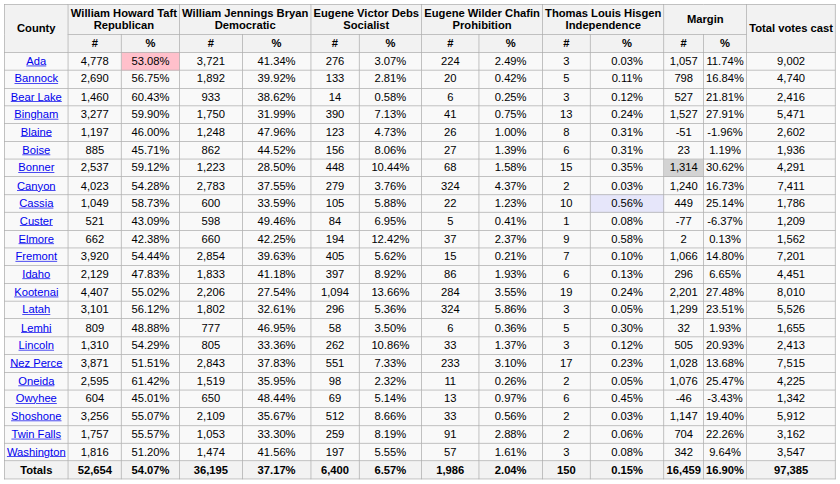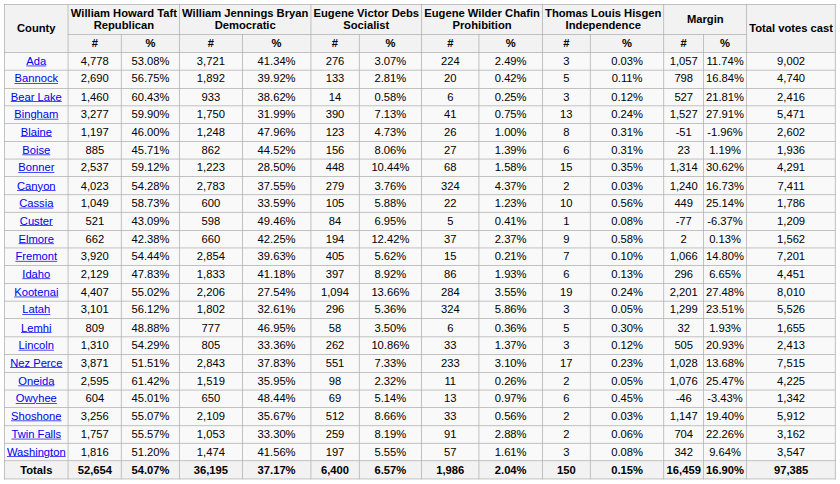 <table class="wikitable sortable" style="text-align:center">
 <tr>
 <th style="text-align:center;" rowspan="2">County</th>
 <th style="text-align:center;" colspan="2">William Howard Taft <br>Republican</th>
 <th style="text-align:center;" colspan="2">William Jennings Bryan<br>Democratic</th>
 <th style="text-align:center;" colspan="2">Eugene Victor Debs<br>Socialist</th>
 <th style="text-align:center;" colspan="2">Eugene Wilder Chafin<br>Prohibition</th>
 <th style="text-align:center;" colspan="2">Thomas Louis Hisgen<br>Independence</th>
 <th style="text-align:center;" colspan="2">Margin</th>
 <th style="text-align:center;" rowspan="2">Total votes cast</th>
 </tr>
 <tr>
 <th style="text-align:center;" data-sort-type="number">#</th>
 <th style="text-align:center;" data-sort-type="number">%</th>
 <th style="text-align:center;" data-sort-type="number">#</th>
 <th style="text-align:center;" data-sort-type="number">%</th>
 <th style="text-align:center;" data-sort-type="number">#</th>
 <th style="text-align:center;" data-sort-type="number">%</th>
 <th style="text-align:center;" data-sort-type="number">#</th>
 <th style="text-align:center;" data-sort-type="number">%</th>
 <th style="text-align:center;" data-sort-type="number">#</th>
 <th style="text-align:center;" data-sort-type="number">%</th>
 <th style="text-align:center;" data-sort-type="number">#</th>
 <th style="text-align:center;" data-sort-type="number">%</th>
 </tr>
 <tr style="text-align:center;">
 <td><a href='#'>Ada</a></td>
 <td>4,778</td>
-<td style="background: pink;">53.08%</td>
+<td>53.08%</td>
 <td>3,721</td>
 <td>41.34%</td>
 <td>276</td>
 <td>3.07%</td>
 <td>224</td>
 <td>2.49%</td>
 <td>3</td>
 <td>0.03%</td>
 <td>1,057</td>
 <td>11.74%</td>
 <td>9,002</td>
 </tr>
 <tr style="text-align:center;">
 <td><a href='#'>Bannock</a></td>
 <td>2,690</td>
 <td>56.75%</td>
 <td>1,892</td>
 <td>39.92%</td>
 <td>133</td>
 <td>2.81%</td>
 <td>20</td>
 <td>0.42%</td>
 <td>5</td>
 <td>0.11%</td>
 <td>798</td>
 <td>16.84%</td>
 <td>4,740</td>
 </tr>
 <tr style="text-align:center;">
 <td><a href='#'>Bear Lake</a></td>
 <td>1,460</td>
 <td>60.43%</td>
 <td>933</td>
 <td>38.62%</td>
 <td>14</td>
 <td>0.58%</td>
 <td>6</td>
 <td>0.25%</td>
 <td>3</td>
 <td>0.12%</td>
 <td>527</td>
 <td>21.81%</td>
 <td>2,416</td>
 </tr>
 <tr style="text-align:center;">
 <td><a href='#'>Bingham</a></td>
 <td>3,277</td>
 <td>59.90%</td>
 <td>1,750</td>
 <td>31.99%</td>
 <td>390</td>
 <td>7.13%</td>
 <td>41</td>
 <td>0.75%</td>
 <td>13</td>
 <td>0.24%</td>
 <td>1,527</td>
 <td>27.91%</td>
 <td>5,471</td>
 </tr>
 <tr style="text-align:center;">
 <td><a href='#'>Blaine</a></td>
 <td>1,197</td>
 <td>46.00%</td>
 <td>1,248</td>
 <td>47.96%</td>
 <td>123</td>
 <td>4.73%</td>
 <td>26</td>
 <td>1.00%</td>
 <td>8</td>
 <td>0.31%</td>
 <td>-51</td>
 <td>-1.96%</td>
 <td>2,602</td>
 </tr>
 <tr style="text-align:center;">
 <td><a href='#'>Boise</a></td>
 <td>885</td>
 <td>45.71%</td>
 <td>862</td>
 <td>44.52%</td>
 <td>156</td>
 <td>8.06%</td>
 <td>27</td>
 <td>1.39%</td>
 <td>6</td>
 <td>0.31%</td>
 <td>23</td>
 <td>1.19%</td>
 <td>1,936</td>
 </tr>
 <tr style="text-align:center;">
 <td><a href='#'>Bonner</a></td>
 <td>2,537</td>
 <td>59.12%</td>
 <td>1,223</td>
 <td>28.50%</td>
 <td>448</td>
 <td>10.44%</td>
 <td>68</td>
 <td>1.58%</td>
 <td>15</td>
 <td>0.35%</td>
-<td style="background: lightgrey;">1,314</td>
+<td>1,314</td>
 <td>30.62%</td>
 <td>4,291</td>
 </tr>
 <tr style="text-align:center;">
 <td><a href='#'>Canyon</a></td>
 <td>4,023</td>
 <td>54.28%</td>
 <td>2,783</td>
 <td>37.55%</td>
 <td>279</td>
 <td>3.76%</td>
 <td>324</td>
 <td>4.37%</td>
 <td>2</td>
 <td>0.03%</td>
 <td>1,240</td>
 <td>16.73%</td>
 <td>7,411</td>
 </tr>
 <tr style="text-align:center;">
 <td><a href='#'>Cassia</a></td>
 <td>1,049</td>
 <td>58.73%</td>
 <td>600</td>
 <td>33.59%</td>
 <td>105</td>
 <td>5.88%</td>
 <td>22</td>
 <td>1.23%</td>
 <td>10</td>
-<td style="background: lavender;">0.56%</td>
+<td>0.56%</td>
 <td>449</td>
 <td>25.14%</td>
 <td>1,786</td>
 </tr>
 <tr style="text-align:center;">
 <td><a href='#'>Custer</a></td>
 <td>521</td>
 <td>43.09%</td>
 <td>598</td>
 <td>49.46%</td>
 <td>84</td>
 <td>6.95%</td>
 <td>5</td>
 <td>0.41%</td>
 <td>1</td>
 <td>0.08%</td>
 <td>-77</td>
 <td>-6.37%</td>
 <td>1,209</td>
 </tr>
 <tr style="text-align:center;">
 <td><a href='#'>Elmore</a></td>
 <td>662</td>
 <td>42.38%</td>
 <td>660</td>
 <td>42.25%</td>
 <td>194</td>
 <td>12.42%</td>
 <td>37</td>
 <td>2.37%</td>
 <td>9</td>
 <td>0.58%</td>
 <td>2</td>
 <td>0.13%</td>
 <td>1,562</td>
 </tr>
 <tr style="text-align:center;">
 <td><a href='#'>Fremont</a></td>
 <td>3,920</td>
 <td>54.44%</td>
 <td>2,854</td>
 <td>39.63%</td>
 <td>405</td>
 <td>5.62%</td>
 <td>15</td>
 <td>0.21%</td>
 <td>7</td>
 <td>0.10%</td>
 <td>1,066</td>
 <td>14.80%</td>
 <td>7,201</td>
 </tr>
 <tr style="text-align:center;">
 <td><a href='#'>Idaho</a></td>
 <td>2,129</td>
 <td>47.83%</td>
 <td>1,833</td>
 <td>41.18%</td>
 <td>397</td>
 <td>8.92%</td>
 <td>86</td>
 <td>1.93%</td>
 <td>6</td>
 <td>0.13%</td>
 <td>296</td>
 <td>6.65%</td>
 <td>4,451</td>
 </tr>
 <tr style="text-align:center;">
 <td><a href='#'>Kootenai</a></td>
 <td>4,407</td>
 <td>55.02%</td>
 <td>2,206</td>
 <td>27.54%</td>
 <td>1,094</td>
 <td>13.66%</td>
 <td>284</td>
 <td>3.55%</td>
 <td>19</td>
 <td>0.24%</td>
 <td>2,201</td>
 <td>27.48%</td>
 <td>8,010</td>
 </tr>
 <tr style="text-align:center;">
 <td><a href='#'>Latah</a></td>
 <td>3,101</td>
 <td>56.12%</td>
 <td>1,802</td>
 <td>32.61%</td>
 <td>296</td>
 <td>5.36%</td>
 <td>324</td>
 <td>5.86%</td>
 <td>3</td>
 <td>0.05%</td>
 <td>1,299</td>
 <td>23.51%</td>
 <td>5,526</td>
 </tr>
 <tr style="text-align:center;">
 <td><a href='#'>Lemhi</a></td>
 <td>809</td>
 <td>48.88%</td>
 <td>777</td>
 <td>46.95%</td>
 <td>58</td>
 <td>3.50%</td>
 <td>6</td>
 <td>0.36%</td>
 <td>5</td>
 <td>0.30%</td>
 <td>32</td>
 <td>1.93%</td>
 <td>1,655</td>
 </tr>
 <tr style="text-align:center;">
 <td><a href='#'>Lincoln</a></td>
 <td>1,310</td>
 <td>54.29%</td>
 <td>805</td>
 <td>33.36%</td>
 <td>262</td>
 <td>10.86%</td>
 <td>33</td>
 <td>1.37%</td>
 <td>3</td>
 <td>0.12%</td>
 <td>505</td>
 <td>20.93%</td>
 <td>2,413</td>
 </tr>
 <tr style="text-align:center;">
 <td><a href='#'>Nez Perce</a></td>
 <td>3,871</td>
 <td>51.51%</td>
 <td>2,843</td>
 <td>37.83%</td>
 <td>551</td>
 <td>7.33%</td>
 <td>233</td>
 <td>3.10%</td>
 <td>17</td>
 <td>0.23%</td>
 <td>1,028</td>
 <td>13.68%</td>
 <td>7,515</td>
 </tr>
 <tr style="text-align:center;">
 <td><a href='#'>Oneida</a></td>
 <td>2,595</td>
 <td>61.42%</td>
 <td>1,519</td>
 <td>35.95%</td>
 <td>98</td>
 <td>2.32%</td>
 <td>11</td>
 <td>0.26%</td>
 <td>2</td>
 <td>0.05%</td>
 <td>1,076</td>
 <td>25.47%</td>
 <td>4,225</td>
 </tr>
 <tr style="text-align:center;">
 <td><a href='#'>Owyhee</a></td>
 <td>604</td>
 <td>45.01%</td>
 <td>650</td>
 <td>48.44%</td>
 <td>69</td>
 <td>5.14%</td>
 <td>13</td>
 <td>0.97%</td>
 <td>6</td>
 <td>0.45%</td>
 <td>-46</td>
 <td>-3.43%</td>
 <td>1,342</td>
 </tr>
 <tr style="text-align:center;">
 <td><a href='#'>Shoshone</a></td>
 <td>3,256</td>
 <td>55.07%</td>
 <td>2,109</td>
 <td>35.67%</td>
 <td>512</td>
 <td>8.66%</td>
 <td>33</td>
 <td>0.56%</td>
 <td>2</td>
 <td>0.03%</td>
 <td>1,147</td>
 <td>19.40%</td>
 <td>5,912</td>
 </tr>
 <tr style="text-align:center;">
 <td><a href='#'>Twin Falls</a></td>
 <td>1,757</td>
 <td>55.57%</td>
 <td>1,053</td>
 <td>33.30%</td>
 <td>259</td>
 <td>8.19%</td>
 <td>91</td>
 <td>2.88%</td>
 <td>2</td>
 <td>0.06%</td>
 <td>704</td>
 <td>22.26%</td>
 <td>3,162</td>
 </tr>
 <tr style="text-align:center;">
 <td><a href='#'>Washington</a></td>
 <td>1,816</td>
 <td>51.20%</td>
 <td>1,474</td>
 <td>41.56%</td>
 <td>197</td>
 <td>5.55%</td>
 <td>57</td>
 <td>1.61%</td>
 <td>3</td>
 <td>0.08%</td>
 <td>342</td>
 <td>9.64%</td>
 <td>3,547</td>
 </tr>
 <tr style="text-align:center;">
 <th>Totals</th>
 <th>52,654</th>
 <th>54.07%</th>
 <th>36,195</th>
 <th>37.17%</th>
 <th>6,400</th>
 <th>6.57%</th>
 <th>1,986</th>
 <th>2.04%</th>
 <th>150</th>
 <th>0.15%</th>
 <th>16,459</th>
 <th>16.90%</th>
 <th>97,385</th>
 </tr>
 </table>
